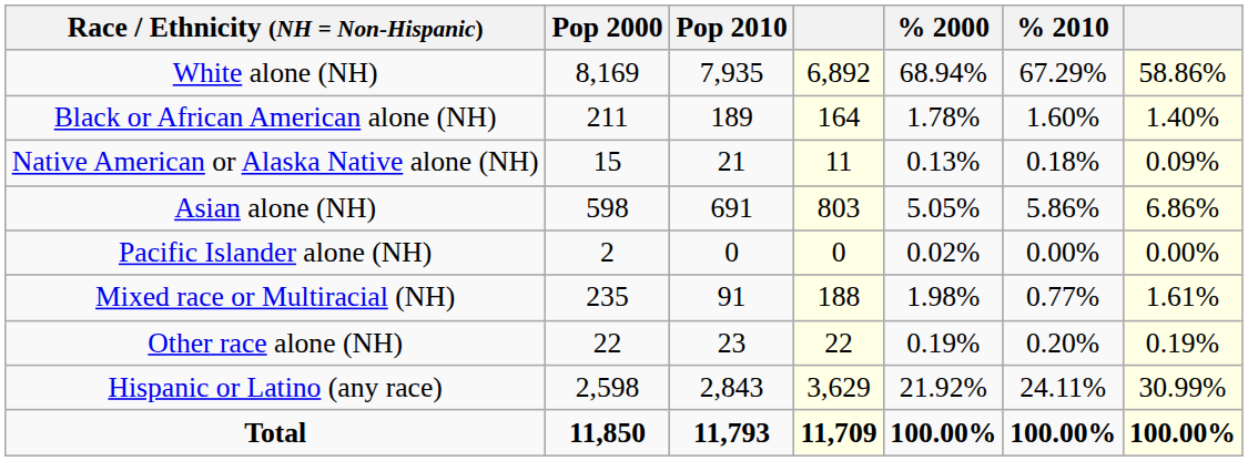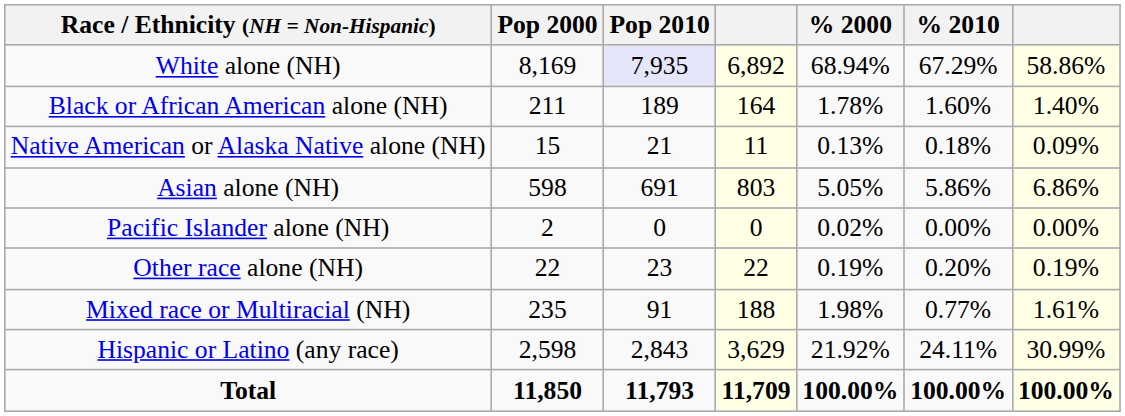 <table class="wikitable" style="text-align:center;">
 <tr>
 <th>Race / Ethnicity <small>(<em>NH = Non-Hispanic</em>)</small></th>
 <th>Pop 2000</th>
 <th>Pop 2010</th>
 <th></th>
 <th>% 2000</th>
 <th>% 2010</th>
 <th></th>
 </tr>
 <tr>
 <td><a href='#'>White</a> alone (NH)</td>
 <td>8,169</td>
-<td>7,935</td>
+<td style="background: lavender;">7,935</td>
 <td style='background: #ffffe6;'>6,892</td>
 <td>68.94%</td>
 <td>67.29%</td>
 <td style='background: #ffffe6;'>58.86%</td>
 </tr>
 <tr>
 <td><a href='#'>Black or African American</a> alone (NH)</td>
 <td>211</td>
 <td>189</td>
 <td style='background: #ffffe6;'>164</td>
 <td>1.78%</td>
 <td>1.60%</td>
 <td style='background: #ffffe6;'>1.40%</td>
 </tr>
 <tr>
 <td><a href='#'>Native American</a> or <a href='#'>Alaska Native</a> alone (NH)</td>
 <td>15</td>
 <td>21</td>
 <td style='background: #ffffe6;'>11</td>
 <td>0.13%</td>
 <td>0.18%</td>
 <td style='background: #ffffe6;'>0.09%</td>
 </tr>
 <tr>
 <td><a href='#'>Asian</a> alone (NH)</td>
 <td>598</td>
 <td>691</td>
 <td style='background: #ffffe6;'>803</td>
 <td>5.05%</td>
 <td>5.86%</td>
 <td style='background: #ffffe6;'>6.86%</td>
 </tr>
 <tr>
 <td><a href='#'>Pacific Islander</a> alone (NH)</td>
 <td>2</td>
 <td>0</td>
 <td style='background: #ffffe6;'>0</td>
 <td>0.02%</td>
 <td>0.00%</td>
 <td style='background: #ffffe6;'>0.00%</td>
 </tr>
 <tr>
+<td><a href='#'>Other race</a> alone (NH)</td>
+<td>22</td>
+<td>23</td>
+<td style='background: #ffffe6;'>22</td>
+<td>0.19%</td>
+<td>0.20%</td>
+<td style='background: #ffffe6;'>0.19%</td>
+</tr>
+<tr>
 <td><a href='#'>Mixed race or Multiracial</a> (NH)</td>
 <td>235</td>
 <td>91</td>
 <td style='background: #ffffe6;'>188</td>
 <td>1.98%</td>
 <td>0.77%</td>
 <td style='background: #ffffe6;'>1.61%</td>
-</tr>
-<tr>
-<td><a href='#'>Other race</a> alone (NH)</td>
-<td>22</td>
-<td>23</td>
-<td style='background: #ffffe6;'>22</td>
-<td>0.19%</td>
-<td>0.20%</td>
-<td style='background: #ffffe6;'>0.19%</td>
 </tr>
 <tr>
 <td><a href='#'>Hispanic or Latino</a> (any race)</td>
 <td>2,598</td>
 <td>2,843</td>
 <td style='background: #ffffe6;'>3,629</td>
 <td>21.92%</td>
 <td>24.11%</td>
 <td style='background: #ffffe6;'>30.99%</td>
 </tr>
 <tr>
 <td><strong>Total</strong></td>
 <td><strong>11,850</strong></td>
 <td><strong>11,793</strong></td>
 <td style='background: #ffffe6;'><strong>11,709</strong></td>
 <td><strong>100.00%</strong></td>
 <td><strong>100.00%</strong></td>
 <td style='background: #ffffe6;'><strong>100.00%</strong></td>
 </tr>
 </table>
